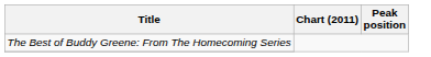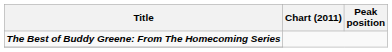 <table class="wikitable">
 <tr>
 <th>Title</th>
 <th>Chart (2011)</th>
 <th>Peak<br>position</th>
 </tr>
 <tr>
-<td><em>The Best of Buddy Greene: From The Homecoming Series</em><br></td>
+<td><strong><em>The Best of Buddy Greene: From The Homecoming Series</em><br></strong></td>
 </tr>
 <tr>
 </tr>
 </table>
